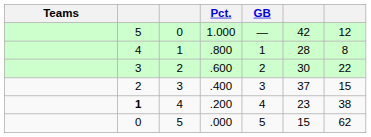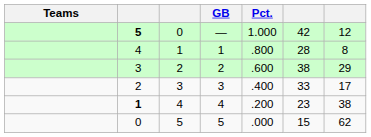 <table class="wikitable" style="text-align:center;">
 <tr>
 <th width=150px>Teams</th>
 <th width=50px></th>
 <th width=50px></th>
+<th width=50px><a href='#'>GB</a></th>
 <th width=50px><a href='#'>Pct.</a></th>
-<th width=50px><a href='#'>GB</a></th>
 <th width=50px></th>
 <th width=50px></th>
 </tr>
 <tr style="background-color:#ccffcc">
 <td align=left></td>
-<td>5</td>
+<td><strong>5</strong></td>
 <td>0</td>
+<td>—</td>
 <td>1.000</td>
-<td>—</td>
 <td>42</td>
 <td>12</td>
 </tr>
 <tr style="background-color:#ccffcc">
 <td align=left></td>
 <td>4</td>
 <td>1</td>
+<td>1</td>
 <td>.800</td>
-<td>1</td>
 <td>28</td>
 <td>8</td>
 </tr>
 <tr style="background-color:#ccffcc">
 <td align=left></td>
 <td>3</td>
 <td>2</td>
+<td>2</td>
 <td>.600</td>
-<td>2</td>
-<td>30</td>
-<td>22</td>
+<td>38</td>
+<td>29</td>
 </tr>
 <tr style="background-color:">
 <td align=left></td>
 <td>2</td>
 <td>3</td>
+<td>3</td>
 <td>.400</td>
-<td>3</td>
-<td>37</td>
-<td>15</td>
+<td>33</td>
+<td>17</td>
 </tr>
 <tr style="background-color:">
 <td align=left></td>
 <td><strong>1</strong></td>
 <td>4</td>
+<td>4</td>
 <td>.200</td>
-<td>4</td>
 <td>23</td>
 <td>38</td>
 </tr>
 <tr style="background-color:">
 <td align=left></td>
 <td>0</td>
 <td>5</td>
+<td>5</td>
 <td>.000</td>
-<td>5</td>
 <td>15</td>
 <td>62</td>
 </tr>
 </table>
